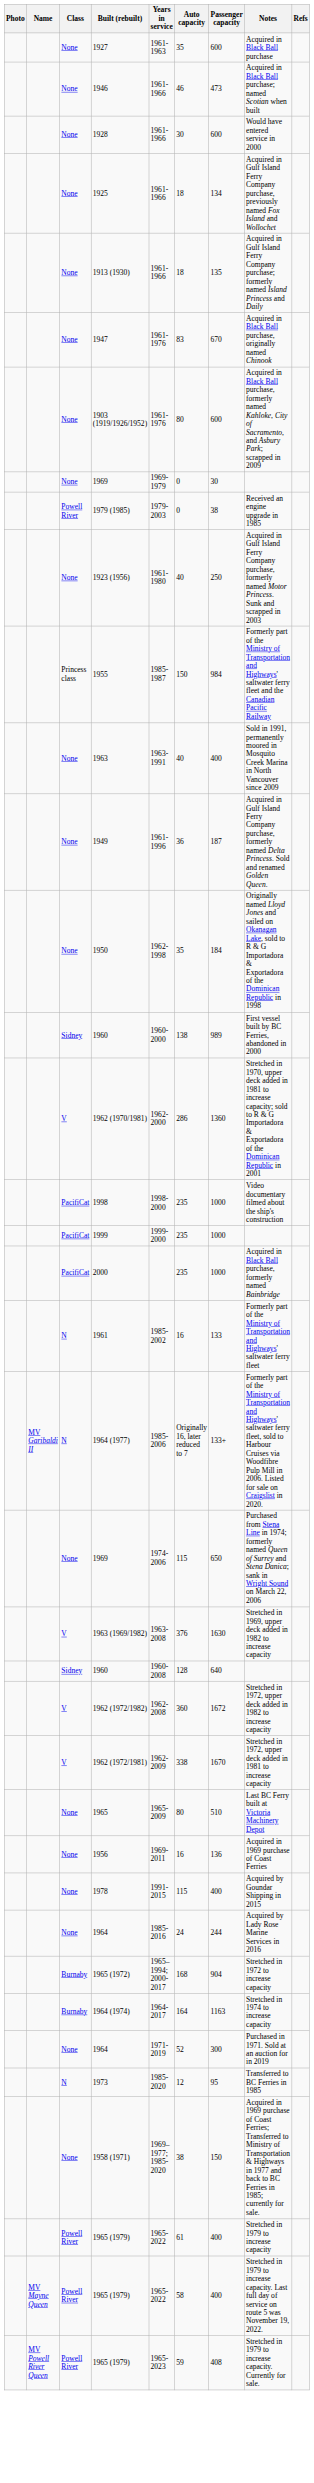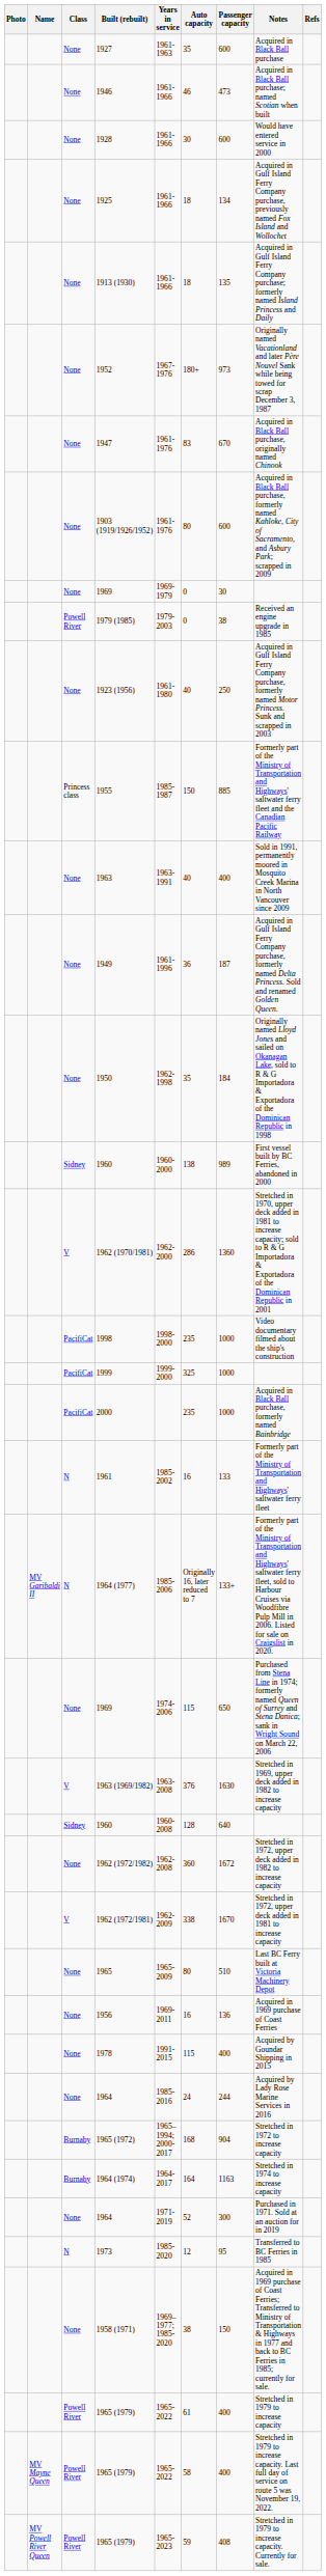 <table class="wikitable sortable">
 <tr>
 <th class="unsortable">Photo</th>
 <th>Name</th>
 <th>Class</th>
 <th>Built (rebuilt)</th>
 <th>Years in service</th>
 <th>Auto capacity</th>
 <th>Passenger capacity</th>
 <th>Notes</th>
 <th>Refs</th>
 </tr>
 <tr>
 <td></td>
 <td></td>
 <td><a href='#'>None</a></td>
 <td>1927</td>
 <td>1961-1963</td>
 <td>35</td>
 <td>600</td>
 <td>Acquired in <a href='#'>Black Ball</a> purchase</td>
 <td></td>
 </tr>
 <tr>
 <td></td>
 <td></td>
 <td><a href='#'>None</a></td>
 <td>1946</td>
 <td>1961-1966</td>
 <td>46</td>
 <td>473</td>
 <td>Acquired in <a href='#'>Black Ball</a> purchase; named <em>Scotian</em> when built</td>
 <td></td>
 </tr>
 <tr>
 <td></td>
 <td></td>
 <td><a href='#'>None</a></td>
 <td>1928</td>
 <td>1961-1966</td>
 <td>30</td>
 <td>600</td>
 <td>Would have entered service in 2000</td>
 <td></td>
 </tr>
 <tr>
 <td></td>
 <td></td>
 <td><a href='#'>None</a></td>
 <td>1925</td>
 <td>1961-1966</td>
 <td>18</td>
 <td>134</td>
 <td>Acquired in Gulf Island Ferry Company purchase, previously named <em>Fox Island</em> and <em>Wollochet</em></td>
 <td></td>
 </tr>
 <tr>
 <td></td>
 <td></td>
 <td><a href='#'>None</a></td>
 <td>1913 (1930)</td>
 <td>1961-1966</td>
 <td>18</td>
 <td>135</td>
 <td>Acquired in Gulf Island Ferry Company purchase; formerly named <em>Island Princess</em> and <em>Daily</em></td>
 <td></td>
 </tr>
 <tr>
 <td></td>
 <td></td>
 <td><a href='#'>None</a></td>
+<td>1952</td>
+<td>1967-1976</td>
+<td>180+</td>
+<td>973</td>
+<td>Originally named <em>Vacationland</em> and later <em>Père Nouvel</em> Sank while being towed for scrap December 3, 1987</td>
+<td></td>
+</tr>
+<tr>
+<td></td>
+<td></td>
+<td><a href='#'>None</a></td>
 <td>1947</td>
 <td>1961-1976</td>
 <td>83</td>
 <td>670</td>
 <td>Acquired in <a href='#'>Black Ball</a> purchase, originally named <em>Chinook</em></td>
 <td></td>
 </tr>
 <tr>
 <td></td>
 <td></td>
 <td><a href='#'>None</a></td>
 <td>1903 (1919/1926/1952)</td>
 <td>1961-1976</td>
 <td>80</td>
 <td>600</td>
 <td>Acquired in <a href='#'>Black Ball</a> purchase, formerly named <em>Kahloke</em>, <em>City of Sacramento</em>, and <em>Asbury Park</em>; scrapped in 2009</td>
 <td></td>
 </tr>
 <tr>
 <td></td>
 <td></td>
 <td><a href='#'>None</a></td>
 <td>1969</td>
 <td>1969-1979</td>
 <td>0</td>
 <td>30</td>
 <td></td>
 <td></td>
 </tr>
 <tr>
 <td></td>
 <td></td>
 <td><a href='#'>Powell River</a></td>
 <td>1979 (1985)</td>
 <td>1979-2003</td>
 <td>0</td>
 <td>38</td>
 <td>Received an engine upgrade in 1985</td>
 <td></td>
 </tr>
 <tr>
 <td></td>
 <td></td>
 <td><a href='#'>None</a></td>
 <td>1923 (1956)</td>
 <td>1961-1980</td>
 <td>40</td>
 <td>250</td>
 <td>Acquired in Gulf Island Ferry Company purchase, formerly named <em>Motor Princess</em>. Sunk and scrapped in 2003</td>
 <td></td>
 </tr>
 <tr>
 <td></td>
 <td></td>
 <td>Princess class</td>
 <td>1955</td>
 <td>1985-1987</td>
 <td>150</td>
-<td>984</td>
+<td>885</td>
 <td>Formerly part of the <a href='#'>Ministry of Transportation and Highways</a>' saltwater ferry fleet and the <a href='#'>Canadian Pacific Railway</a></td>
 <td></td>
 </tr>
 <tr>
 <td></td>
 <td></td>
 <td><a href='#'>None</a></td>
 <td>1963</td>
 <td>1963-1991</td>
 <td>40</td>
 <td>400</td>
 <td>Sold in 1991, permanently moored in Mosquito Creek Marina in North Vancouver since 2009</td>
 <td></td>
 </tr>
 <tr>
 <td></td>
 <td></td>
 <td><a href='#'>None</a></td>
 <td>1949</td>
 <td>1961-1996</td>
 <td>36</td>
 <td>187</td>
 <td>Acquired in Gulf Island Ferry Company purchase, formerly named <em>Delta Princess</em>.  Sold and renamed <em>Golden Queen</em>.</td>
 <td></td>
 </tr>
 <tr>
 <td></td>
 <td></td>
 <td><a href='#'>None</a></td>
 <td>1950</td>
 <td>1962-1998</td>
 <td>35</td>
 <td>184</td>
 <td>Originally named <em>Lloyd Jones</em> and sailed on <a href='#'>Okanagan Lake</a>, sold to R & G Importadora & Exportadora of the <a href='#'>Dominican Republic</a> in 1998</td>
 <td></td>
 </tr>
 <tr>
 <td></td>
 <td></td>
 <td><a href='#'>Sidney</a></td>
 <td>1960</td>
 <td>1960-2000</td>
 <td>138</td>
 <td>989</td>
 <td>First vessel built by BC Ferries, abandoned in 2000</td>
 <td></td>
 </tr>
 <tr>
 <td></td>
 <td></td>
 <td><a href='#'>V</a></td>
 <td>1962 (1970/1981)</td>
 <td>1962-2000</td>
 <td>286</td>
 <td>1360</td>
 <td>Stretched in 1970, upper deck added in 1981 to increase capacity; sold to R & G Importadora & Exportadora of the <a href='#'>Dominican Republic</a> in 2001</td>
 <td></td>
 </tr>
 <tr>
 <td></td>
 <td></td>
 <td><a href='#'>PacifiCat</a></td>
 <td>1998</td>
 <td>1998-2000</td>
 <td>235</td>
 <td>1000</td>
 <td>Video documentary filmed about the ship's construction</td>
 <td></td>
 </tr>
 <tr>
 <td></td>
 <td></td>
 <td><a href='#'>PacifiCat</a></td>
 <td>1999</td>
 <td>1999-2000</td>
-<td>235</td>
+<td>325</td>
 <td>1000</td>
 <td></td>
 <td></td>
 </tr>
 <tr>
 <td></td>
 <td></td>
 <td><a href='#'>PacifiCat</a></td>
 <td>2000</td>
 <td></td>
 <td>235</td>
 <td>1000</td>
 <td>Acquired in <a href='#'>Black Ball</a> purchase, formerly named <em>Bainbridge</em></td>
 <td></td>
 </tr>
 <tr>
 <td></td>
 <td></td>
 <td><a href='#'>N</a></td>
 <td>1961</td>
 <td>1985-2002</td>
 <td>16</td>
 <td>133</td>
 <td>Formerly part of the <a href='#'>Ministry of Transportation and Highways</a>' saltwater ferry fleet</td>
 <td></td>
 </tr>
 <tr>
 <td></td>
 <td><a href='#'>MV <em>Garibaldi II</em></a></td>
 <td><a href='#'>N</a></td>
 <td>1964 (1977)</td>
 <td>1985-2006</td>
 <td>Originally 16, later reduced to 7</td>
 <td>133+</td>
 <td>Formerly part of the <a href='#'>Ministry of Transportation and Highways</a>' saltwater ferry fleet, sold to Harbour Cruises via Woodfibre Pulp Mill in 2006. Listed for sale on <a href='#'>Craigslist</a> in 2020.</td>
 <td></td>
 </tr>
 <tr>
 <td></td>
 <td></td>
 <td><a href='#'>None</a></td>
 <td>1969</td>
 <td>1974-2006</td>
 <td>115</td>
 <td>650</td>
 <td>Purchased from <a href='#'>Stena Line</a> in 1974; formerly named <em>Queen of Surrey</em> and <em>Stena Danica</em>; sank in <a href='#'>Wright Sound</a> on March 22, 2006</td>
 <td></td>
 </tr>
 <tr>
 <td></td>
 <td></td>
 <td><a href='#'>V</a></td>
 <td>1963 (1969/1982)</td>
 <td>1963-2008</td>
 <td>376</td>
 <td>1630</td>
 <td>Stretched in 1969, upper deck added in 1982 to increase capacity</td>
 <td></td>
 </tr>
 <tr>
 <td></td>
 <td></td>
 <td><a href='#'>Sidney</a></td>
 <td>1960</td>
 <td>1960-2008</td>
 <td>128</td>
 <td>640</td>
 <td></td>
 <td></td>
 </tr>
 <tr>
 <td></td>
 <td></td>
-<td><a href='#'>V</a></td>
+<td><a href='#'>None</a></td>
 <td>1962 (1972/1982)</td>
 <td>1962-2008</td>
 <td>360</td>
 <td>1672</td>
 <td>Stretched in 1972, upper deck added in 1982 to increase capacity</td>
 <td></td>
 </tr>
 <tr>
 <td></td>
 <td></td>
 <td><a href='#'>V</a></td>
 <td>1962 (1972/1981)</td>
 <td>1962-2009</td>
 <td>338</td>
 <td>1670</td>
 <td>Stretched in 1972, upper deck added in 1981 to increase capacity</td>
 <td></td>
 </tr>
 <tr>
 <td></td>
 <td></td>
 <td><a href='#'>None</a></td>
 <td>1965</td>
 <td>1965-2009</td>
 <td>80</td>
 <td>510</td>
 <td>Last BC Ferry built at <a href='#'>Victoria Machinery Depot</a></td>
 <td></td>
 </tr>
 <tr>
 <td></td>
 <td></td>
 <td><a href='#'>None</a></td>
 <td>1956</td>
 <td>1969-2011</td>
 <td>16</td>
 <td>136</td>
 <td>Acquired in 1969 purchase of Coast Ferries</td>
 <td></td>
 </tr>
 <tr>
 <td></td>
 <td></td>
 <td><a href='#'>None</a></td>
 <td>1978</td>
 <td>1991-2015</td>
 <td>115</td>
 <td>400</td>
 <td>Acquired by Goundar Shipping in 2015</td>
 <td></td>
 </tr>
 <tr>
 <td></td>
 <td></td>
 <td><a href='#'>None</a></td>
 <td>1964</td>
 <td>1985-2016</td>
 <td>24</td>
 <td>244</td>
 <td>Acquired by Lady Rose Marine Services in 2016</td>
 <td></td>
 </tr>
 <tr>
 <td></td>
 <td></td>
 <td><a href='#'>Burnaby</a></td>
 <td>1965 (1972)</td>
 <td>1965–1994; 2000-2017</td>
 <td>168</td>
 <td>904</td>
 <td>Stretched in 1972 to increase capacity</td>
 <td></td>
 </tr>
 <tr>
 <td></td>
 <td></td>
 <td><a href='#'>Burnaby</a></td>
 <td>1964 (1974)</td>
 <td>1964-2017</td>
 <td>164</td>
 <td>1163</td>
 <td>Stretched in 1974 to increase capacity</td>
 <td></td>
 </tr>
 <tr>
 <td></td>
 <td></td>
 <td><a href='#'>None</a></td>
 <td>1964</td>
 <td>1971-2019</td>
 <td>52</td>
 <td>300</td>
 <td>Purchased in 1971. Sold at an auction for  in 2019</td>
 <td></td>
 </tr>
 <tr>
 <td></td>
 <td></td>
 <td><a href='#'>N</a></td>
 <td>1973</td>
 <td>1985-2020</td>
 <td>12</td>
 <td>95</td>
 <td>Transferred to BC Ferries in 1985</td>
 <td></td>
 </tr>
 <tr>
 <td></td>
 <td></td>
 <td><a href='#'>None</a></td>
 <td>1958 (1971)</td>
 <td>1969–1977; 1985-2020</td>
 <td>38</td>
 <td>150</td>
 <td>Acquired in 1969 purchase of Coast Ferries; Transferred to Ministry of Transportation & Highways in 1977 and back to BC Ferries in 1985; currently for sale.</td>
 <td></td>
 </tr>
 <tr>
 <td></td>
 <td></td>
 <td><a href='#'>Powell River</a></td>
 <td>1965 (1979)</td>
 <td>1965-2022</td>
 <td>61</td>
 <td>400</td>
 <td>Stretched in 1979 to increase capacity</td>
 <td></td>
 </tr>
 <tr>
 <td></td>
 <td><a href='#'>MV <em>Mayne Queen</em></a></td>
 <td><a href='#'>Powell River</a></td>
 <td>1965 (1979)</td>
 <td>1965-2022</td>
 <td>58</td>
 <td>400</td>
 <td>Stretched in 1979 to increase capacity. Last full day of service on route 5 was November 19, 2022.</td>
 <td></td>
 </tr>
 <tr>
 <td></td>
 <td><a href='#'>MV <em>Powell River Queen</em></a></td>
 <td><a href='#'>Powell River</a></td>
 <td>1965 (1979)</td>
 <td>1965-2023</td>
 <td>59</td>
 <td>408</td>
 <td>Stretched in 1979 to increase capacity. Currently for sale.</td>
 <td></td>
 </tr>
 </table>
